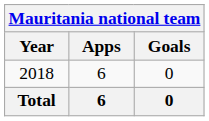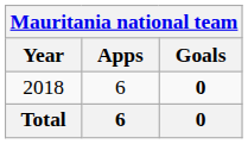 <table class="wikitable" style="text-align:center">
 <tr>
 <th colspan=3><a href='#'>Mauritania national team</a></th>
 </tr>
 <tr>
 <th>Year</th>
 <th>Apps</th>
 <th>Goals</th>
 </tr>
 <tr>
 <td>2018</td>
 <td>6</td>
-<td>0</td>
+<td><strong>0</strong></td>
 </tr>
 <tr>
 <th>Total</th>
 <th>6</th>
 <th>0</th>
 </tr>
 </table>
